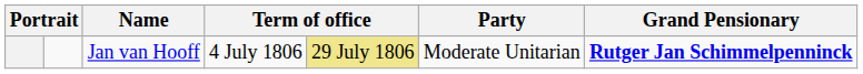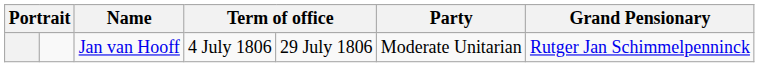 <table class="wikitable" style="text-align:center">
 <tr>
 <th colspan=2>Portrait</th>
 <th>Name</th>
 <th colspan=2>Term of office</th>
 <th>Party</th>
 <th>Grand Pensionary</th>
 </tr>
 <tr>
 <th style="background:"></th>
 <td></td>
 <td><a href='#'>Jan van Hooff</a></td>
 <td>4 July 1806</td>
-<td style="background: khaki;">29 July 1806</td>
+<td>29 July 1806</td>
 <td>Moderate Unitarian</td>
-<td><strong><a href='#'>Rutger Jan Schimmelpenninck</a></strong></td>
+<td><a href='#'>Rutger Jan Schimmelpenninck</a></td>
 </tr>
 </table>
